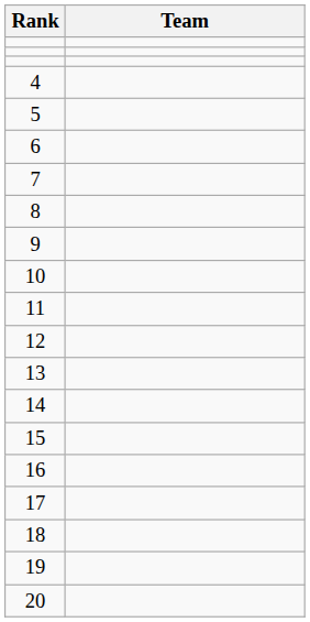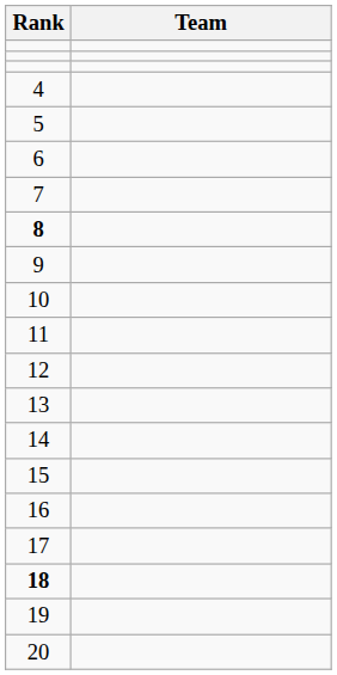 <table class="wikitable" style="text-align: center;">
 <tr>
 <th width=40>Rank</th>
 <th width=180>Team</th>
 </tr>
 <tr>
 <td></td>
 <td align=left></td>
 </tr>
 <tr>
 <td></td>
 <td align=left></td>
 </tr>
 <tr>
 <td></td>
 <td align=left></td>
 </tr>
 <tr>
 <td>4</td>
 <td align=left></td>
 </tr>
 <tr>
 <td>5</td>
 <td align=left></td>
 </tr>
 <tr>
 <td>6</td>
 <td align=left></td>
 </tr>
 <tr>
 <td>7</td>
 <td align=left></td>
 </tr>
 <tr>
-<td>8</td>
+<td><strong>8</strong></td>
 <td align=left></td>
 </tr>
 <tr>
 <td>9</td>
 <td align=left></td>
 </tr>
 <tr>
 <td>10</td>
 <td align=left></td>
 </tr>
 <tr>
 <td>11</td>
 <td align=left></td>
 </tr>
 <tr>
 <td>12</td>
 <td align=left></td>
 </tr>
 <tr>
 <td>13</td>
 <td align=left></td>
 </tr>
 <tr>
 <td>14</td>
 <td align=left></td>
 </tr>
 <tr>
 <td>15</td>
 <td align=left></td>
 </tr>
 <tr>
 <td>16</td>
 <td align=left></td>
 </tr>
 <tr>
 <td>17</td>
 <td align=left></td>
 </tr>
 <tr>
-<td>18</td>
+<td><strong>18</strong></td>
 <td align=left></td>
 </tr>
 <tr>
 <td>19</td>
 <td align=left></td>
 </tr>
 <tr>
 <td>20</td>
 <td align=left></td>
 </tr>
 </table>
